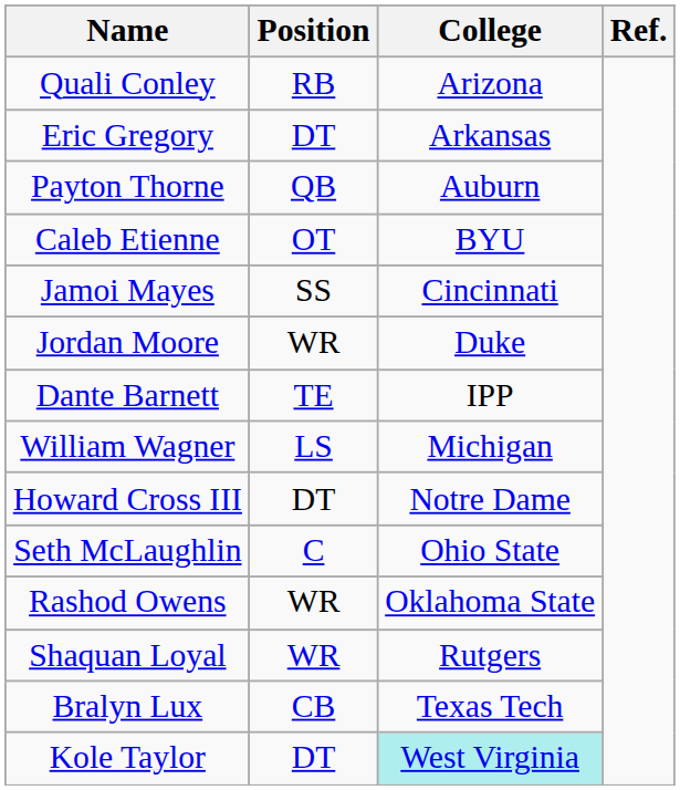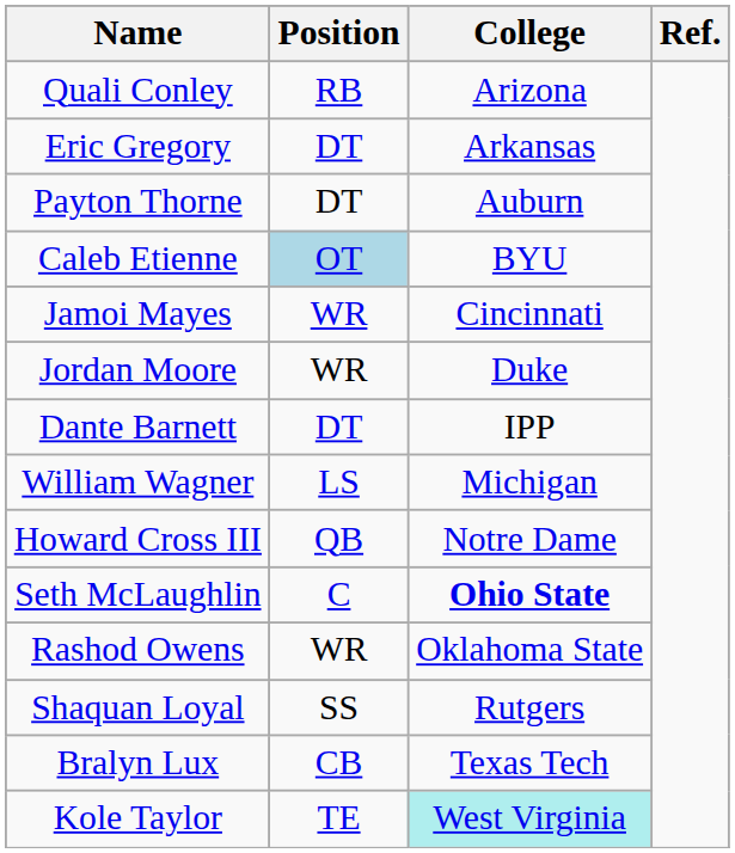 <table class="wikitable" style="text-align:center">
 <tr>
 <th>Name</th>
 <th>Position</th>
 <th>College</th>
 <th>Ref.</th>
 </tr>
 <tr>
 <td><a href='#'>Quali Conley</a></td>
 <td><a href='#'>RB</a></td>
 <td><a href='#'>Arizona</a></td>
 <td rowspan="14"></td>
 </tr>
 <tr>
 <td><a href='#'>Eric Gregory</a></td>
 <td><a href='#'>DT</a></td>
 <td><a href='#'>Arkansas</a></td>
 </tr>
 <tr>
 <td><a href='#'>Payton Thorne</a></td>
-<td><a href='#'>QB</a></td>
+<td>DT</td>
 <td><a href='#'>Auburn</a></td>
 </tr>
 <tr>
 <td><a href='#'>Caleb Etienne</a></td>
-<td><a href='#'>OT</a></td>
+<td style="background: lightblue;"><a href='#'>OT</a></td>
 <td><a href='#'>BYU</a></td>
 </tr>
 <tr>
 <td><a href='#'>Jamoi Mayes</a></td>
-<td>SS</td>
+<td><a href='#'>WR</a></td>
 <td><a href='#'>Cincinnati</a></td>
 </tr>
 <tr>
 <td><a href='#'>Jordan Moore</a></td>
 <td>WR</td>
 <td><a href='#'>Duke</a></td>
 </tr>
 <tr>
 <td><a href='#'>Dante Barnett</a></td>
-<td><a href='#'>TE</a></td>
+<td><a href='#'>DT</a></td>
 <td>IPP</td>
 </tr>
 <tr>
 <td><a href='#'>William Wagner</a></td>
 <td><a href='#'>LS</a></td>
 <td><a href='#'>Michigan</a></td>
 </tr>
 <tr>
 <td><a href='#'>Howard Cross III</a></td>
-<td>DT</td>
+<td><a href='#'>QB</a></td>
 <td><a href='#'>Notre Dame</a></td>
 </tr>
 <tr>
 <td><a href='#'>Seth McLaughlin</a></td>
 <td><a href='#'>C</a></td>
-<td><a href='#'>Ohio State</a></td>
+<td><strong><a href='#'>Ohio State</a></strong></td>
 </tr>
 <tr>
 <td><a href='#'>Rashod Owens</a></td>
 <td>WR</td>
 <td><a href='#'>Oklahoma State</a></td>
 </tr>
 <tr>
 <td><a href='#'>Shaquan Loyal</a></td>
-<td><a href='#'>WR</a></td>
+<td>SS</td>
 <td><a href='#'>Rutgers</a></td>
 </tr>
 <tr>
 <td><a href='#'>Bralyn Lux</a></td>
 <td><a href='#'>CB</a></td>
 <td><a href='#'>Texas Tech</a></td>
 </tr>
 <tr>
 <td><a href='#'>Kole Taylor</a></td>
-<td><a href='#'>DT</a></td>
+<td><a href='#'>TE</a></td>
 <td style="background: paleturquoise;"><a href='#'>West Virginia</a></td>
 </tr>
 </table>
